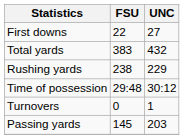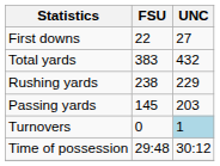 <table class="wikitable">
 <tr>
 <th>Statistics</th>
 <th>FSU</th>
 <th>UNC</th>
 </tr>
 <tr>
 <td>First downs</td>
 <td>22</td>
 <td>27</td>
 </tr>
 <tr>
 <td>Total yards</td>
 <td>383</td>
 <td>432</td>
 </tr>
 <tr>
 <td>Rushing yards</td>
 <td>238</td>
 <td>229</td>
 </tr>
 <tr>
+<td>Passing yards</td>
+<td>145</td>
+<td>203</td>
+</tr>
+<tr>
+<td>Turnovers</td>
+<td>0</td>
+<td style="background: lightblue;">1</td>
+</tr>
+<tr>
 <td>Time of possession</td>
 <td>29:48</td>
 <td>30:12</td>
 </tr>
 <tr>
-<td>Turnovers</td>
-<td>0</td>
-<td>1</td>
-</tr>
-<tr>
-<td>Passing yards</td>
-<td>145</td>
-<td>203</td>
-</tr>
-<tr>
 </tr>
 </table>
